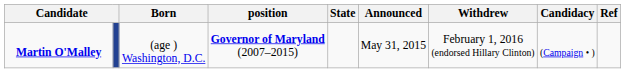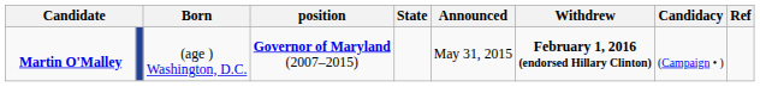 <table class="wikitable" style="text-align:center">
 <tr>
 <th colspan="2" style="width:150px;">Candidate</th>
 <th>Born</th>
 <th> position</th>
 <th>State</th>
 <th>Announced</th>
 <th>Withdrew</th>
 <th>Candidacy</th>
 <th class = "unsortable">Ref</th>
 </tr>
 <tr>
 <td data-sort-value="O'Malley"> <br> <strong><a href='#'>Martin O'Malley</a></strong></td>
 <td style="background:#224192;"></td>
 <td> <br> (age )  <br> <a href='#'>Washington, D.C.</a></td>
 <td><strong><a href='#'>Governor of Maryland</a></strong> <br> (2007–2015)</td>
 <td></td>
 <td>May 31, 2015</td>
-<td>February 1, 2016<br><small>(endorsed Hillary Clinton)</small></td>
+<td><strong>February 1, 2016<br><small>(endorsed Hillary Clinton)</small></strong></td>
 <td><br><small>(<a href='#'>Campaign</a> •  )</small><small><br></small></td>
 <td></td>
 </tr>
 </table>
